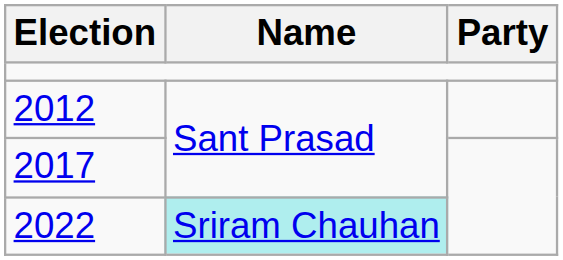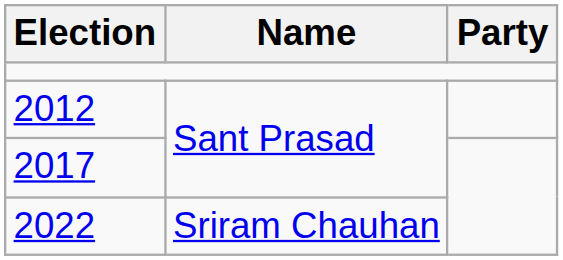 <table class="wikitable">
 <tr>
 <th>Election</th>
 <th>Name</th>
 <th colspan="2">Party</th>
 </tr>
 <tr>
 <td colspan="4"></td>
 </tr>
 <tr>
 <td><a href='#'>2012</a></td>
 <td rowspan="2"><a href='#'>Sant Prasad</a></td>
 <td></td>
 </tr>
 <tr>
 <td><a href='#'>2017</a></td>
 </tr>
 <tr>
 <td><a href='#'>2022</a></td>
-<td style="background: paleturquoise;"><a href='#'>Sriram Chauhan</a></td>
+<td><a href='#'>Sriram Chauhan</a></td>
 </tr>
 </table>
